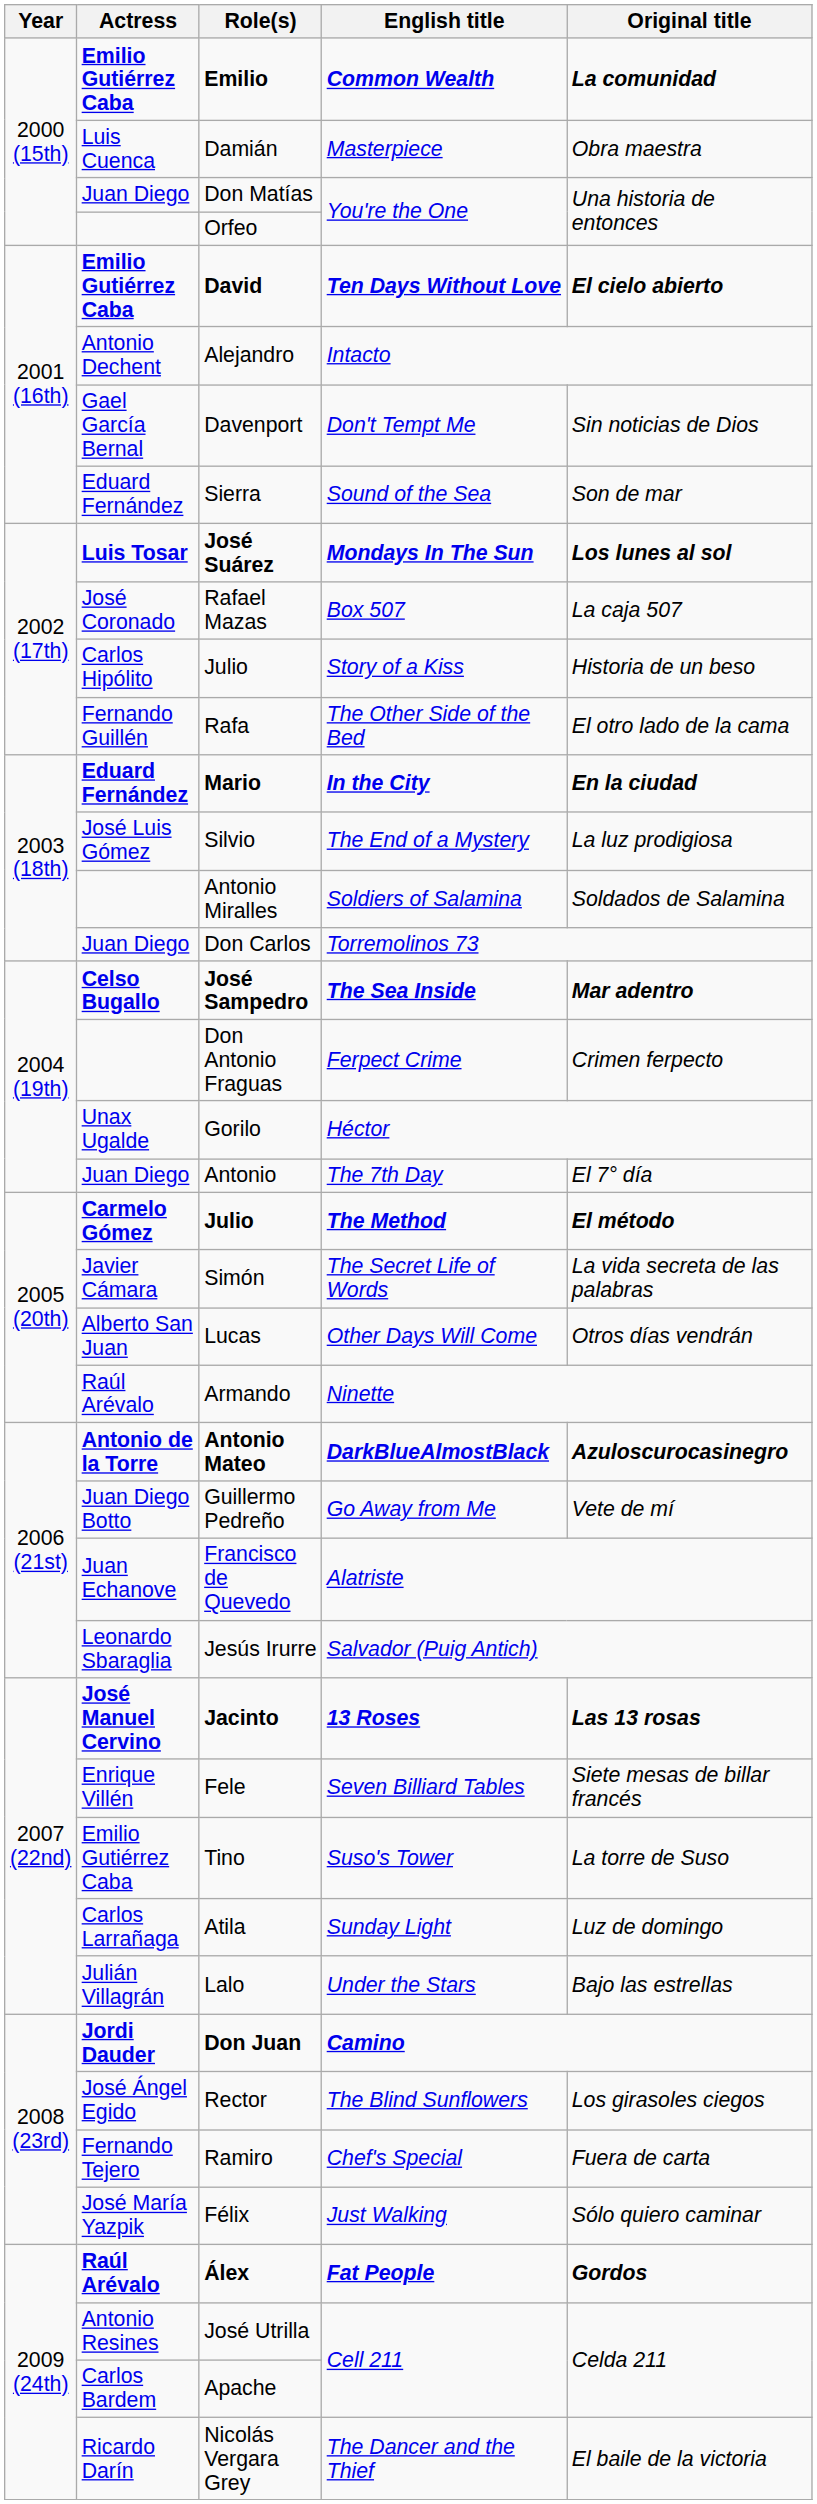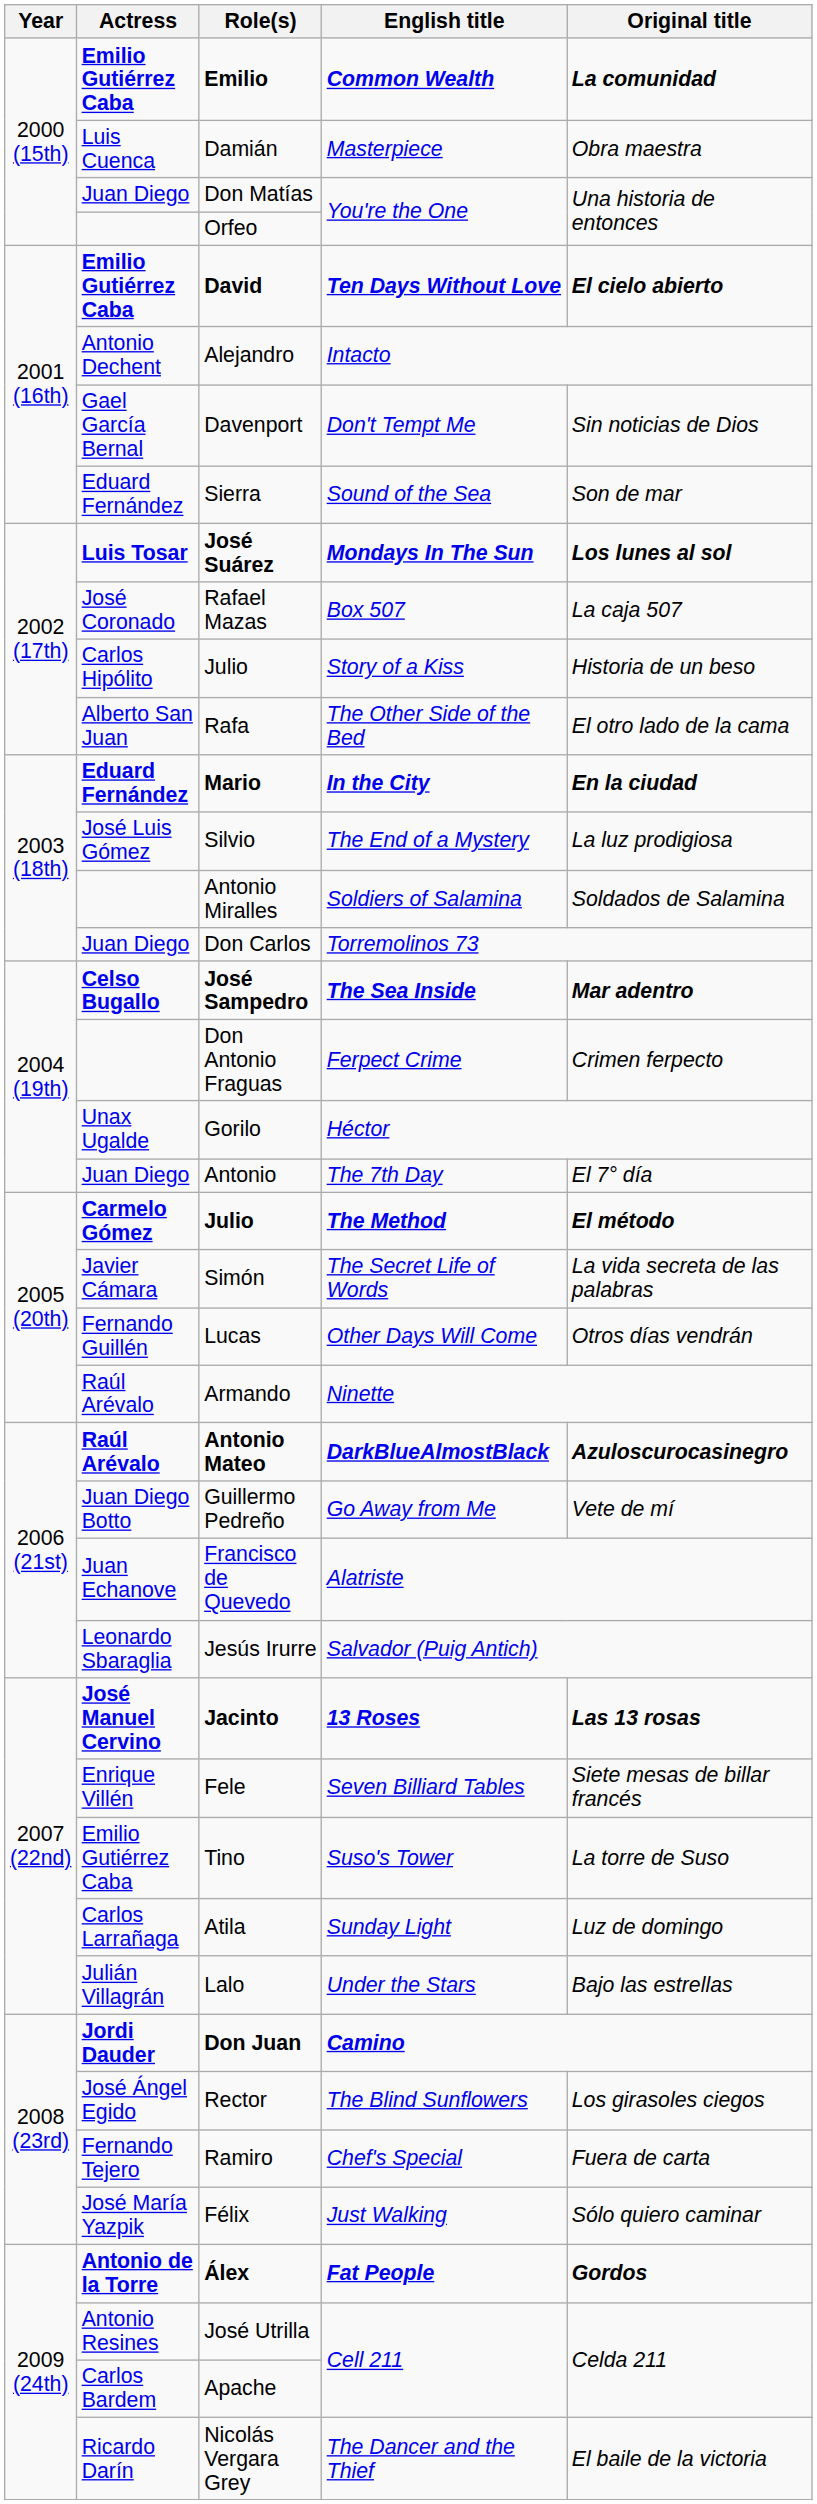 <table class="wikitable sortable" style="text-align:left;">
 <tr>
 <th scope="col" style="width:8%;">Year</th>
 <th scope="col" style="width:15%;">Actress</th>
 <th scope="col" style="width:15%;">Role(s)</th>
 <th scope="col" style="width:30%;">English title</th>
 <th scope="col" style="width:30%;">Original title</th>
 </tr>
 <tr>
 <td rowspan="4" style="text-align:center;">2000<br><a href='#'>(15th)</a></td>
 <td style="background:"><strong><a href='#'>Emilio Gutiérrez Caba</a></strong></td>
 <td style="background:"><strong>Emilio</strong></td>
 <td style="background:"><strong><em><a href='#'>Common Wealth</a></em></strong></td>
 <td style="background:"><strong><em>La comunidad</em></strong></td>
 </tr>
 <tr>
 <td><a href='#'>Luis Cuenca</a></td>
 <td>Damián</td>
 <td><em><a href='#'>Masterpiece</a></em></td>
 <td><em>Obra maestra</em></td>
 </tr>
 <tr>
 <td><a href='#'>Juan Diego</a></td>
 <td>Don Matías</td>
 <td rowspan="2"><em><a href='#'>You're the One</a></em></td>
 <td rowspan="2"><em>Una historia de entonces</em></td>
 </tr>
 <tr>
 <td></td>
 <td>Orfeo</td>
 </tr>
 <tr>
 <td rowspan="4" style="text-align:center;">2001<br><a href='#'>(16th)</a></td>
 <td style="background:"><strong><a href='#'>Emilio Gutiérrez Caba</a></strong></td>
 <td style="background:"><strong>David</strong></td>
 <td style="background:"><strong><em><a href='#'>Ten Days Without Love</a></em></strong></td>
 <td style="background:"><strong><em>El cielo abierto</em></strong></td>
 </tr>
 <tr>
 <td><a href='#'>Antonio Dechent</a></td>
 <td>Alejandro</td>
 <td colspan="2"><em><a href='#'>Intacto</a></em></td>
 </tr>
 <tr>
 <td><a href='#'>Gael García Bernal</a></td>
 <td>Davenport</td>
 <td><em><a href='#'>Don't Tempt Me</a></em></td>
 <td><em>Sin noticias de Dios</em></td>
 </tr>
 <tr>
 <td><a href='#'>Eduard Fernández</a></td>
 <td>Sierra</td>
 <td><em><a href='#'>Sound of the Sea</a></em></td>
 <td><em>Son de mar</em></td>
 </tr>
 <tr>
 <td rowspan="4" style="text-align:center;">2002<br><a href='#'>(17th)</a></td>
 <td style="background:"><strong><a href='#'>Luis Tosar</a></strong></td>
 <td style="background:"><strong>José Suárez</strong></td>
 <td style="background:"><strong><em><a href='#'>Mondays In The Sun</a></em></strong></td>
 <td style="background:"><strong><em>Los lunes al sol</em></strong></td>
 </tr>
 <tr>
 <td><a href='#'>José Coronado</a></td>
 <td>Rafael Mazas</td>
 <td><em><a href='#'>Box 507</a></em></td>
 <td><em>La caja 507</em></td>
 </tr>
 <tr>
 <td><a href='#'>Carlos Hipólito</a></td>
 <td>Julio</td>
 <td><em><a href='#'>Story of a Kiss</a></em></td>
 <td><em>Historia de un beso</em></td>
 </tr>
 <tr>
-<td><a href='#'>Fernando Guillén</a></td>
+<td><a href='#'>Alberto San Juan</a></td>
 <td>Rafa</td>
 <td><em><a href='#'>The Other Side of the Bed</a></em></td>
 <td><em>El otro lado de la cama</em></td>
 </tr>
 <tr>
 <td rowspan="4" style="text-align:center;">2003<br><a href='#'>(18th)</a></td>
 <td style="background:"><strong><a href='#'>Eduard Fernández</a></strong></td>
 <td style="background:"><strong>Mario</strong></td>
 <td style="background:"><strong><em><a href='#'>In the City</a></em></strong></td>
 <td style="background:"><strong><em>En la ciudad</em></strong></td>
 </tr>
 <tr>
 <td><a href='#'>José Luis Gómez</a></td>
 <td>Silvio</td>
 <td><em><a href='#'>The End of a Mystery</a></em></td>
 <td><em>La luz prodigiosa</em></td>
 </tr>
 <tr>
 <td></td>
 <td>Antonio Miralles</td>
 <td><em><a href='#'>Soldiers of Salamina</a></em></td>
 <td><em>Soldados de Salamina</em></td>
 </tr>
 <tr>
 <td><a href='#'>Juan Diego</a></td>
 <td>Don Carlos</td>
 <td colspan="2"><em><a href='#'>Torremolinos 73</a></em></td>
 </tr>
 <tr>
 <td rowspan="4" style="text-align:center;">2004<br><a href='#'>(19th)</a></td>
 <td style="background:"><strong><a href='#'>Celso Bugallo</a></strong></td>
 <td style="background:"><strong>José Sampedro</strong></td>
 <td style="background:"><strong><em><a href='#'>The Sea Inside</a></em></strong></td>
 <td style="background:"><strong><em>Mar adentro</em></strong></td>
 </tr>
 <tr>
 <td></td>
 <td>Don Antonio Fraguas</td>
 <td><em><a href='#'>Ferpect Crime</a></em></td>
 <td><em>Crimen ferpecto</em></td>
 </tr>
 <tr>
 <td><a href='#'>Unax Ugalde</a></td>
 <td>Gorilo</td>
 <td colspan="2"><em><a href='#'>Héctor</a></em></td>
 </tr>
 <tr>
 <td><a href='#'>Juan Diego</a></td>
 <td>Antonio</td>
 <td><em><a href='#'>The 7th Day</a></em></td>
 <td><em>El 7° día</em></td>
 </tr>
 <tr>
 <td rowspan="4" style="text-align:center;">2005<br><a href='#'>(20th)</a></td>
 <td style="background:"><strong><a href='#'>Carmelo Gómez</a></strong></td>
 <td style="background:"><strong>Julio</strong></td>
 <td style="background:"><strong><em><a href='#'>The Method</a></em></strong></td>
 <td style="background:"><strong><em>El método</em></strong></td>
 </tr>
 <tr>
 <td><a href='#'>Javier Cámara</a></td>
 <td>Simón</td>
 <td><em><a href='#'>The Secret Life of Words</a></em></td>
 <td><em>La vida secreta de las palabras</em></td>
 </tr>
 <tr>
-<td><a href='#'>Alberto San Juan</a></td>
+<td><a href='#'>Fernando Guillén</a></td>
 <td>Lucas</td>
 <td><em><a href='#'>Other Days Will Come</a></em></td>
 <td><em>Otros días vendrán</em></td>
 </tr>
 <tr>
 <td><a href='#'>Raúl Arévalo</a></td>
 <td>Armando</td>
 <td colspan="2"><em><a href='#'>Ninette</a></em></td>
 </tr>
 <tr>
 <td rowspan="4" style="text-align:center;">2006<br><a href='#'>(21st)</a></td>
-<td style="background:"><strong><a href='#'>Antonio de la Torre</a></strong></td>
+<td style="background:"><strong><a href='#'>Raúl Arévalo</a></strong></td>
 <td style="background:"><strong>Antonio Mateo</strong></td>
 <td style="background:"><strong><em><a href='#'>DarkBlueAlmostBlack</a></em></strong></td>
 <td style="background:"><strong><em>Azuloscurocasinegro</em></strong></td>
 </tr>
 <tr>
 <td><a href='#'>Juan Diego Botto</a></td>
 <td>Guillermo Pedreño</td>
 <td><em><a href='#'>Go Away from Me</a></em></td>
 <td><em>Vete de mí</em></td>
 </tr>
 <tr>
 <td><a href='#'>Juan Echanove</a></td>
 <td><a href='#'>Francisco de Quevedo</a></td>
 <td colspan="2"><em><a href='#'>Alatriste</a></em></td>
 </tr>
 <tr>
 <td><a href='#'>Leonardo Sbaraglia</a></td>
 <td>Jesús Irurre</td>
 <td colspan="2"><em><a href='#'>Salvador (Puig Antich)</a></em></td>
 </tr>
 <tr>
 <td rowspan="5" style="text-align:center;">2007<br><a href='#'>(22nd)</a></td>
 <td style="background:"><strong><a href='#'>José Manuel Cervino</a></strong></td>
 <td style="background:"><strong>Jacinto</strong></td>
 <td style="background:"><strong><em><a href='#'>13 Roses</a></em></strong></td>
 <td style="background:"><strong><em>Las 13 rosas</em></strong></td>
 </tr>
 <tr>
 <td><a href='#'>Enrique Villén</a></td>
 <td>Fele</td>
 <td><em><a href='#'>Seven Billiard Tables</a></em></td>
 <td><em>Siete mesas de billar francés</em></td>
 </tr>
 <tr>
 <td><a href='#'>Emilio Gutiérrez Caba</a></td>
 <td>Tino</td>
 <td><em><a href='#'>Suso's Tower</a></em></td>
 <td><em>La torre de Suso</em></td>
 </tr>
 <tr>
 <td><a href='#'>Carlos Larrañaga</a></td>
 <td>Atila</td>
 <td><em><a href='#'>Sunday Light</a></em></td>
 <td><em>Luz de domingo</em></td>
 </tr>
 <tr>
 <td><a href='#'>Julián Villagrán</a></td>
 <td>Lalo</td>
 <td><em><a href='#'>Under the Stars</a></em></td>
 <td><em>Bajo las estrellas</em></td>
 </tr>
 <tr>
 <td rowspan="4" style="text-align:center;">2008<br><a href='#'>(23rd)</a></td>
 <td style="background:"><strong><a href='#'>Jordi Dauder</a></strong></td>
 <td style="background:"><strong>Don Juan</strong></td>
 <td colspan="2" style="background:"><strong><em><a href='#'>Camino</a></em></strong></td>
 </tr>
 <tr>
 <td><a href='#'>José Ángel Egido</a></td>
 <td>Rector</td>
 <td><em><a href='#'>The Blind Sunflowers</a></em></td>
 <td><em>Los girasoles ciegos</em></td>
 </tr>
 <tr>
 <td><a href='#'>Fernando Tejero</a></td>
 <td>Ramiro</td>
 <td><em><a href='#'>Chef's Special</a></em></td>
 <td><em>Fuera de carta</em></td>
 </tr>
 <tr>
 <td><a href='#'>José María Yazpik</a></td>
 <td>Félix</td>
 <td><em><a href='#'>Just Walking</a></em></td>
 <td><em>Sólo quiero caminar</em></td>
 </tr>
 <tr>
 <td rowspan="4" style="text-align:center;">2009<br><a href='#'>(24th)</a></td>
-<td style="background:"><strong><a href='#'>Raúl Arévalo</a></strong></td>
+<td style="background:"><strong><a href='#'>Antonio de la Torre</a></strong></td>
 <td style="background:"><strong>Álex</strong></td>
 <td style="background:"><strong><em><a href='#'>Fat People</a></em></strong></td>
 <td style="background:"><strong><em>Gordos</em></strong></td>
 </tr>
 <tr>
 <td><a href='#'>Antonio Resines</a></td>
 <td>José Utrilla</td>
 <td rowspan="2"><em><a href='#'>Cell 211</a></em></td>
 <td rowspan="2"><em>Celda 211</em></td>
 </tr>
 <tr>
 <td><a href='#'>Carlos Bardem</a></td>
 <td>Apache</td>
 </tr>
 <tr>
 <td><a href='#'>Ricardo Darín</a></td>
 <td>Nicolás Vergara Grey</td>
 <td><em><a href='#'>The Dancer and the Thief</a></em></td>
 <td><em>El baile de la victoria</em></td>
 </tr>
 <tr>
 </tr>
 </table>
